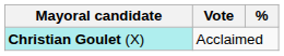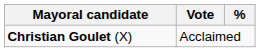 <table class="wikitable">
 <tr>
 <th bgcolor="#DDDDFF" width="200px">Mayoral candidate</th>
 <th bgcolor="#DDDDFF" width="50px">Vote</th>
 <th bgcolor="#DDDDFF" width="30px">%</th>
 </tr>
 <tr>
-<td style="background: paleturquoise;"><strong>Christian Goulet</strong> (X)</td>
+<td><strong>Christian Goulet</strong> (X)</td>
 <td colspan="2">Acclaimed</td>
 </tr>
 </table>
